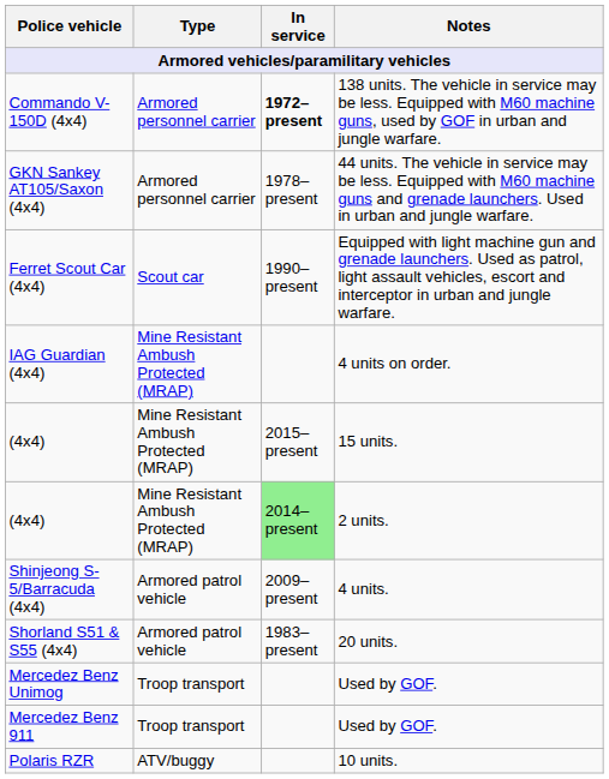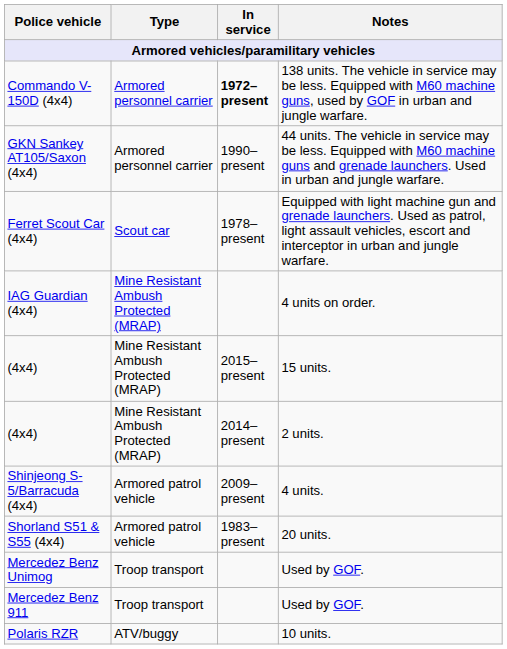 <table class="wikitable">
 <tr>
 <th style="text-align: center;">Police vehicle</th>
 <th style="text-align: center;">Type</th>
 <th style="text-align: center;">In service</th>
 <th style="text-align: center;">Notes</th>
 </tr>
 <tr>
 <th style="align: center; background: lavender;" colspan="7">Armored vehicles/paramilitary vehicles</th>
 </tr>
 <tr>
 <td><a href='#'>Commando V-150D</a> (4x4)</td>
 <td><a href='#'>Armored personnel carrier</a></td>
 <td><strong>1972–present</strong></td>
 <td>138 units. The vehicle in service may be less. Equipped with <a href='#'>M60 machine guns</a>, used by <a href='#'>GOF</a> in urban and jungle warfare.</td>
 </tr>
 <tr>
 <td><a href='#'>GKN Sankey AT105/Saxon</a> (4x4)</td>
 <td>Armored personnel carrier</td>
-<td>1978–present</td>
+<td>1990–present</td>
 <td>44 units. The vehicle in service may be less. Equipped with <a href='#'>M60 machine guns</a> and <a href='#'>grenade launchers</a>. Used in urban and jungle warfare.</td>
 </tr>
 <tr>
 <td><a href='#'>Ferret Scout Car</a> (4x4)</td>
 <td><a href='#'>Scout car</a></td>
-<td>1990–present</td>
+<td>1978–present</td>
 <td>Equipped with light machine gun and <a href='#'>grenade launchers</a>. Used as patrol, light assault vehicles, escort and interceptor in urban and jungle warfare.</td>
 </tr>
 <tr>
 <td><a href='#'>IAG Guardian</a> (4x4)</td>
 <td><a href='#'>Mine Resistant Ambush Protected (MRAP)</a></td>
 <td></td>
 <td>4 units on order.</td>
 </tr>
 <tr>
 <td> (4x4)</td>
 <td>Mine Resistant Ambush Protected (MRAP)</td>
 <td>2015–present</td>
 <td>15 units.</td>
 </tr>
 <tr>
 <td> (4x4)</td>
 <td>Mine Resistant Ambush Protected (MRAP)</td>
-<td style="background: lightgreen;">2014–present</td>
+<td>2014–present</td>
 <td>2 units.</td>
 </tr>
 <tr>
 <td><a href='#'>Shinjeong S-5/Barracuda</a> (4x4)</td>
 <td>Armored patrol vehicle</td>
 <td>2009–present</td>
 <td>4 units.</td>
 </tr>
 <tr>
 <td><a href='#'>Shorland S51 & S55</a> (4x4)</td>
 <td>Armored patrol vehicle</td>
 <td>1983–present</td>
 <td>20 units.</td>
 </tr>
 <tr>
 <td><a href='#'>Mercedez Benz Unimog</a></td>
 <td>Troop transport</td>
 <td></td>
 <td>Used by <a href='#'>GOF</a>.</td>
 </tr>
 <tr>
 <td><a href='#'>Mercedez Benz 911</a></td>
 <td>Troop transport</td>
 <td></td>
 <td>Used by <a href='#'>GOF</a>.</td>
 </tr>
 <tr>
 <td><a href='#'>Polaris RZR</a></td>
 <td>ATV/buggy</td>
 <td></td>
 <td>10 units.</td>
 </tr>
 </table>
